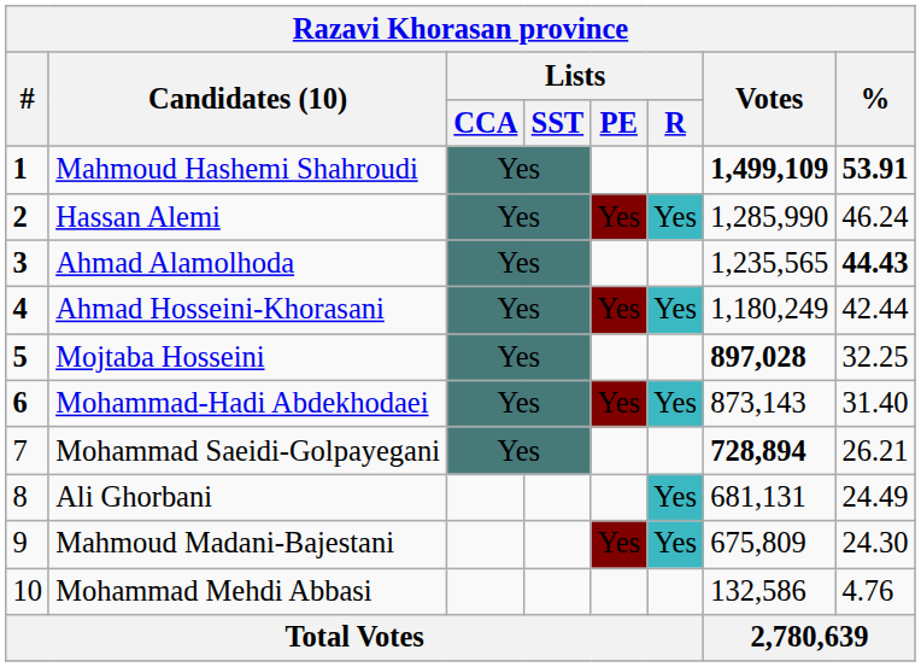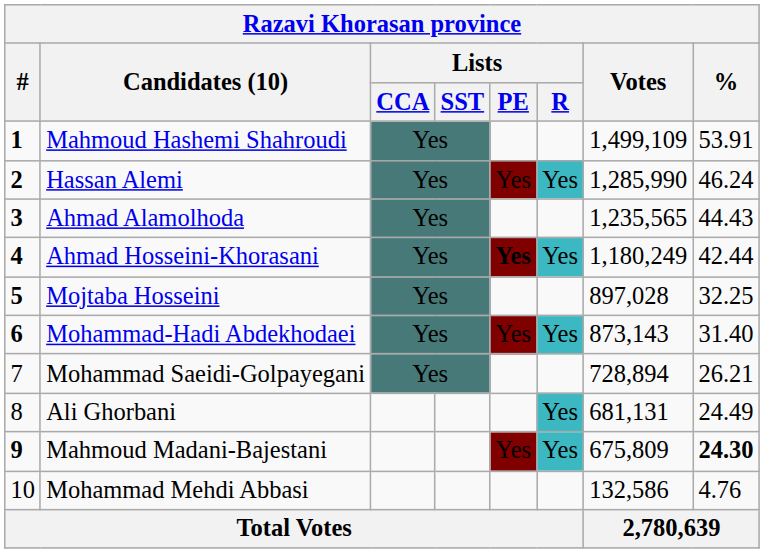 <table class=wikitable style=text-align:left>
 <tr>
 <th colspan="8" align=center><a href='#'>Razavi Khorasan province</a></th>
 </tr>
 <tr>
 <th rowspan="2">#</th>
 <th rowspan="2">Candidates (10)</th>
 <th colspan="4">Lists</th>
 <th rowspan="2">Votes</th>
 <th rowspan="2">%</th>
 </tr>
 <tr>
 <th><a href='#'>CCA</a></th>
 <th><a href='#'>SST</a></th>
 <th><a href='#'>PE</a></th>
 <th><a href='#'>R</a></th>
 </tr>
 <tr>
 <td><strong>1</strong></td>
 <td><a href='#'>Mahmoud Hashemi Shahroudi</a></td>
 <td colspan="2" align=center style="background:#477979;"><span>Yes</span></td>
 <td></td>
 <td></td>
-<td><strong>1,499,109</strong></td>
-<td><strong>53.91</strong></td>
+<td>1,499,109</td>
+<td>53.91</td>
 </tr>
 <tr>
 <td><strong>2</strong></td>
 <td><a href='#'>Hassan Alemi</a></td>
 <td colspan="2" align=center style="background:#477979;"><span>Yes</span></td>
 <td style="background:#800000;"><span>Yes</span></td>
 <td style="background:#3cb8c2;"><span>Yes</span></td>
 <td>1,285,990</td>
 <td>46.24</td>
 </tr>
 <tr>
 <td><strong>3</strong></td>
 <td><a href='#'>Ahmad Alamolhoda</a></td>
 <td colspan="2" align=center style="background:#477979;"><span>Yes</span></td>
 <td></td>
 <td></td>
 <td>1,235,565</td>
-<td><strong>44.43</strong></td>
+<td>44.43</td>
 </tr>
 <tr>
 <td><strong>4</strong></td>
 <td><a href='#'>Ahmad Hosseini-Khorasani</a></td>
 <td colspan="2" align=center style="background:#477979;"><span>Yes</span></td>
-<td style="background:#800000;"><span>Yes</span></td>
+<td style="background:#800000;"><strong><span>Yes</span></strong></td>
 <td style="background:#3cb8c2;"><span>Yes</span></td>
 <td>1,180,249</td>
 <td>42.44</td>
 </tr>
 <tr>
 <td><strong>5</strong></td>
 <td><a href='#'>Mojtaba Hosseini</a></td>
 <td colspan="2" align=center style="background:#477979;"><span>Yes</span></td>
 <td></td>
 <td></td>
-<td><strong>897,028</strong></td>
+<td>897,028</td>
 <td>32.25</td>
 </tr>
 <tr>
 <td><strong>6</strong></td>
 <td><a href='#'>Mohammad-Hadi Abdekhodaei</a></td>
 <td colspan="2" align=center style="background:#477979;"><span>Yes</span></td>
 <td style="background:#800000;"><span>Yes</span></td>
 <td style="background:#3cb8c2;"><span>Yes</span></td>
 <td>873,143</td>
 <td>31.40</td>
 </tr>
 <tr>
 <td>7</td>
 <td>Mohammad Saeidi-Golpayegani</td>
 <td colspan="2" align=center style="background:#477979;"><span>Yes</span></td>
 <td></td>
 <td></td>
-<td><strong>728,894</strong></td>
+<td>728,894</td>
 <td>26.21</td>
 </tr>
 <tr>
 <td>8</td>
 <td>Ali Ghorbani</td>
 <td></td>
 <td></td>
 <td></td>
 <td style="background:#3cb8c2;"><span>Yes</span></td>
 <td>681,131</td>
 <td>24.49</td>
 </tr>
 <tr>
-<td>9</td>
+<td><strong>9</strong></td>
 <td>Mahmoud Madani-Bajestani</td>
 <td></td>
 <td></td>
 <td style="background:#800000;"><span>Yes</span></td>
 <td style="background:#3cb8c2;"><span>Yes</span></td>
 <td>675,809</td>
-<td>24.30</td>
+<td><strong>24.30</strong></td>
 </tr>
 <tr>
 <td>10</td>
 <td>Mohammad Mehdi Abbasi</td>
 <td></td>
 <td></td>
 <td></td>
 <td></td>
 <td>132,586</td>
 <td>4.76</td>
 </tr>
 <tr>
 <th colspan="6">Total Votes</th>
 <th colspan="2">2,780,639</th>
 </tr>
 </table>
